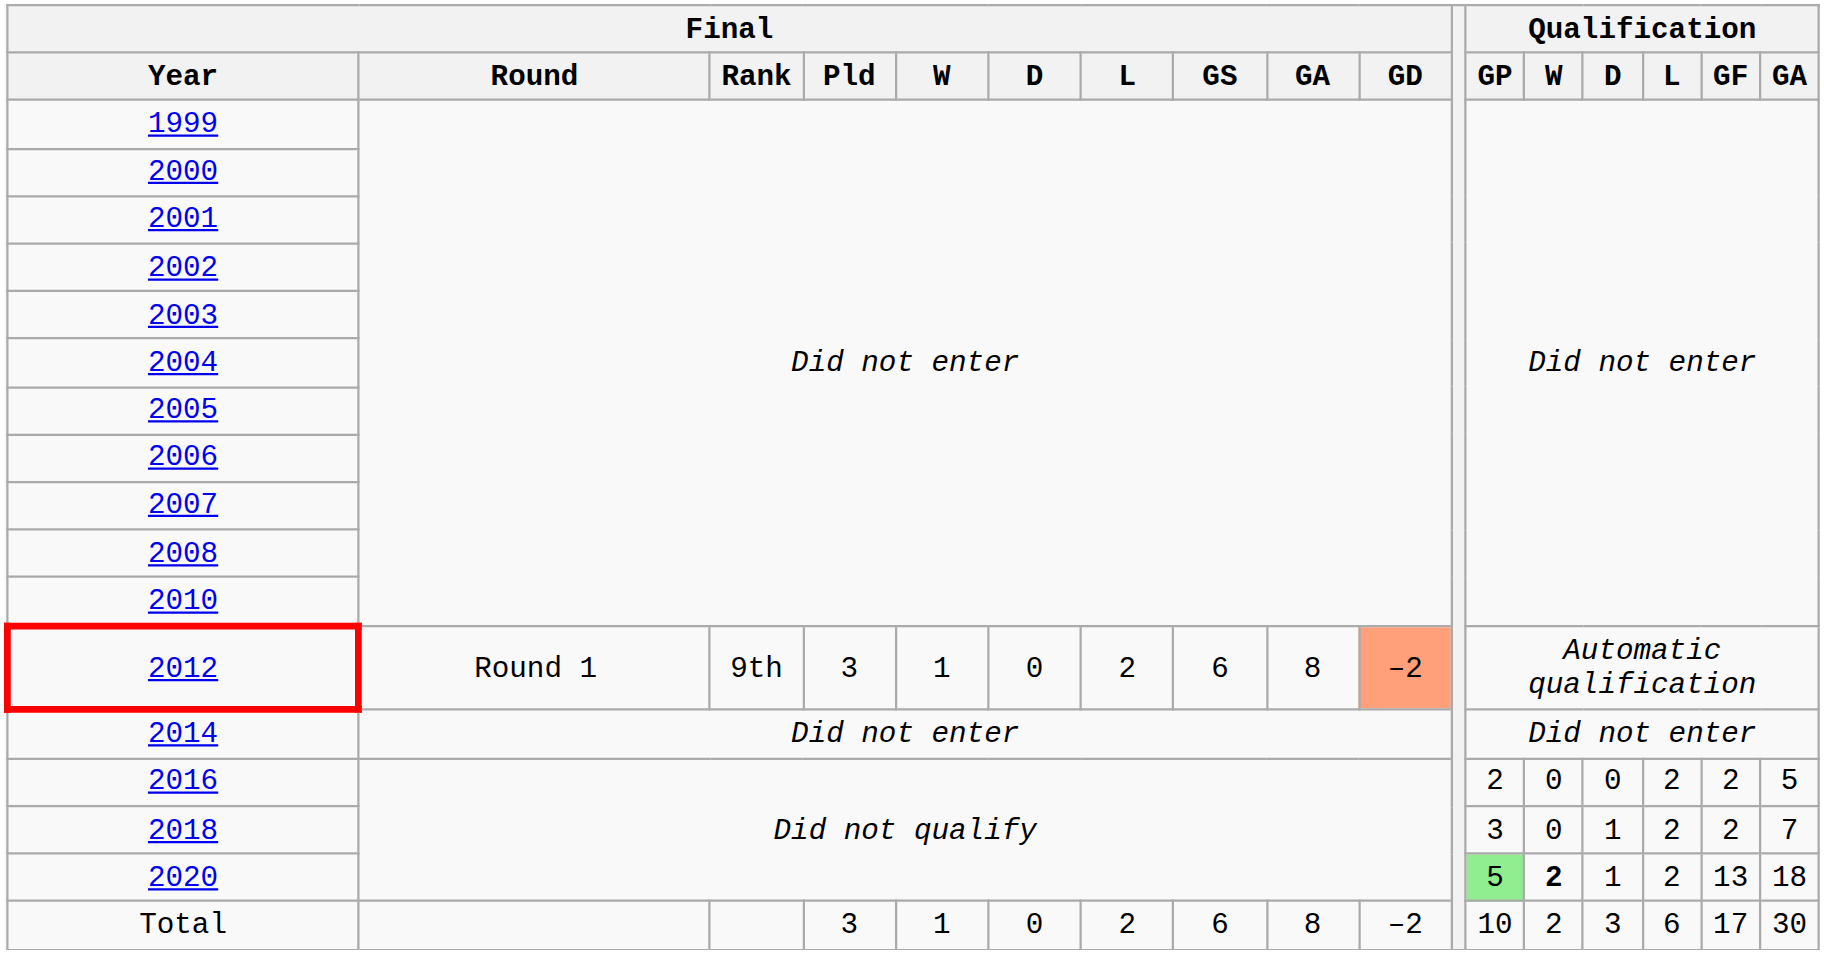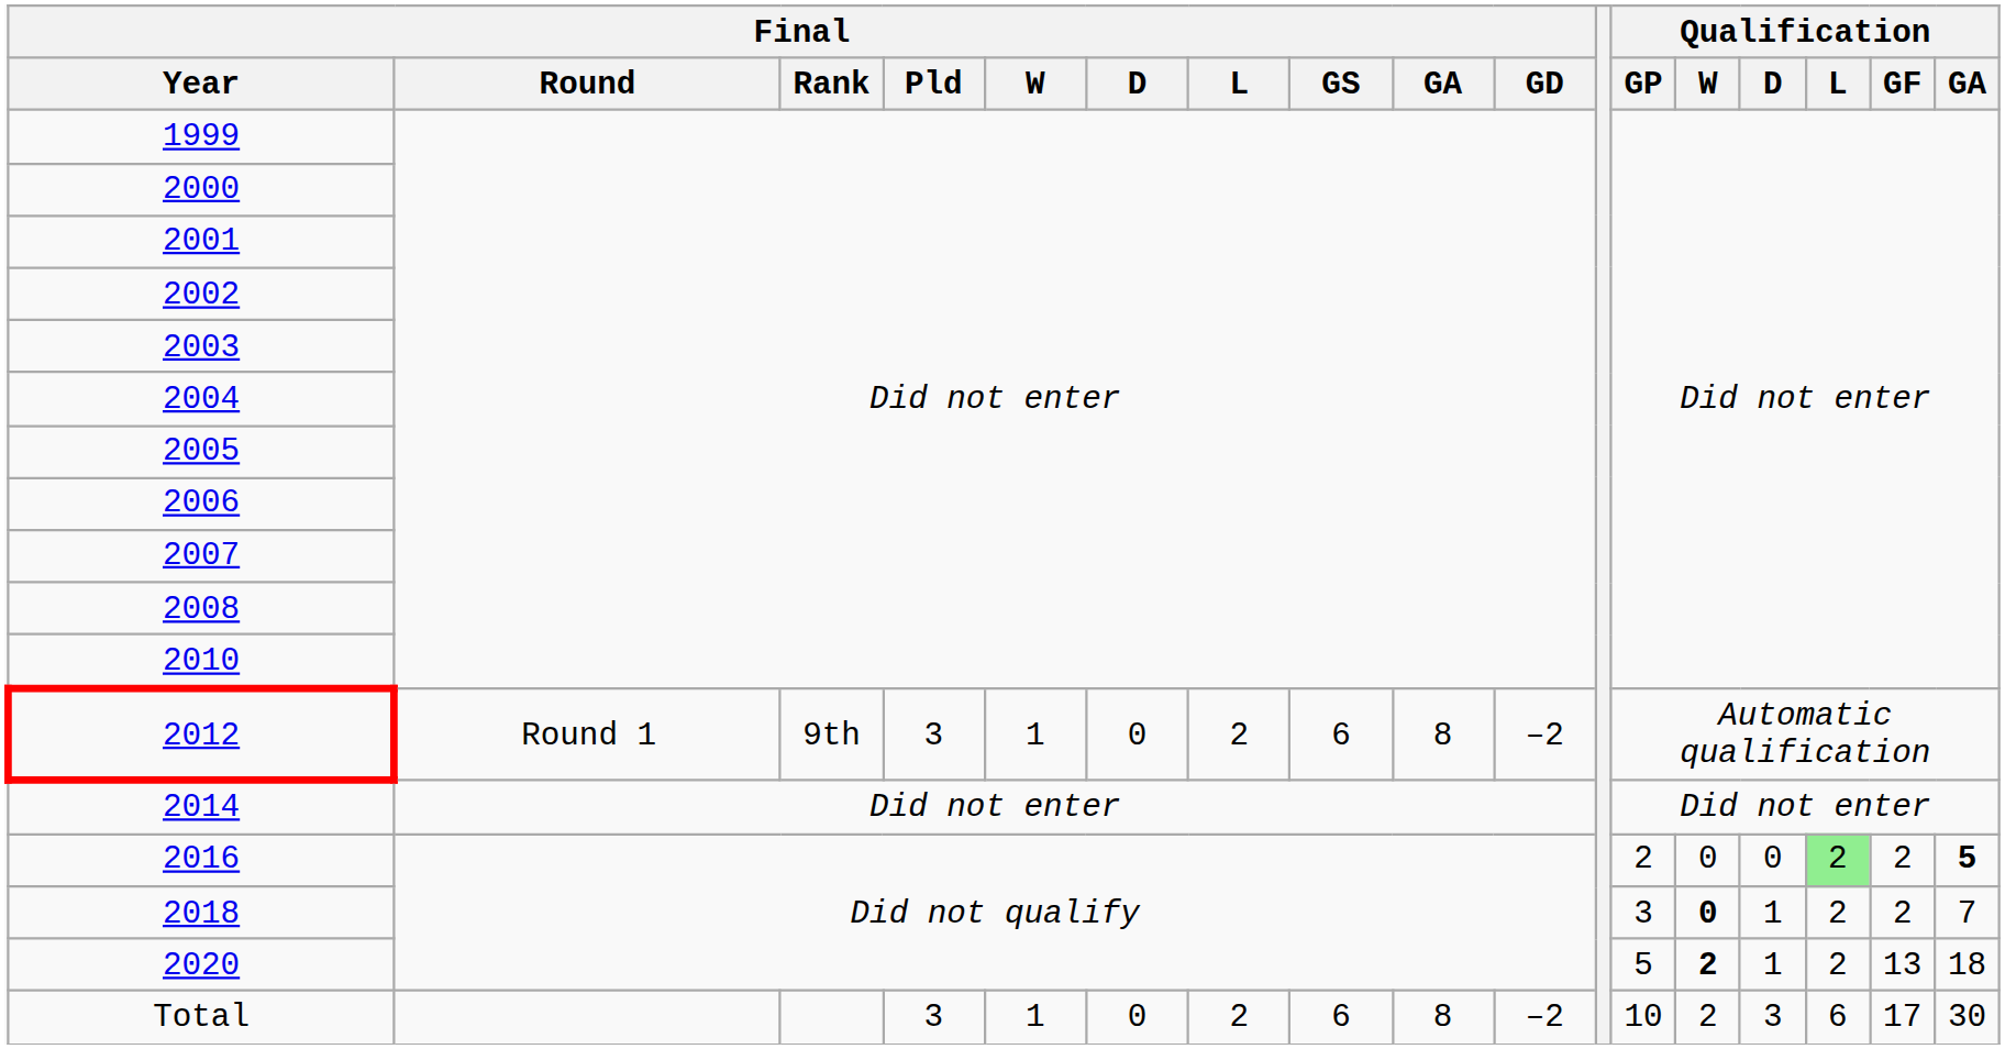 <table class="wikitable" style="text-align: center;">
 <tr>
 <th colspan="10">Final</th>
 <th style="width:1" rowspan="19"></th>
 <th colspan=6>Qualification</th>
 </tr>
 <tr>
 <th width=150>Year</th>
 <th width=150>Round</th>
 <th width=35>Rank</th>
 <th width=35>Pld</th>
 <th width=35>W</th>
 <th width=35>D</th>
 <th width=35>L</th>
 <th width=35>GS</th>
 <th width=35>GA</th>
 <th width=35>GD</th>
 <th width="20">GP</th>
 <th width="20">W</th>
 <th width="20">D</th>
 <th width="20">L</th>
 <th width="20">GF</th>
 <th width="20">GA</th>
 </tr>
 <tr>
 <td> <a href='#'>1999</a></td>
 <td rowspan=11 colspan=9><em>Did not enter</em></td>
 <td rowspan=11 colspan=6><em>Did not enter</em></td>
 </tr>
 <tr>
 <td> <a href='#'>2000</a></td>
 </tr>
 <tr>
 <td> <a href='#'>2001</a></td>
 </tr>
 <tr>
 <td> <a href='#'>2002</a></td>
 </tr>
 <tr>
 <td> <a href='#'>2003</a></td>
 </tr>
 <tr>
 <td> <a href='#'>2004</a></td>
 </tr>
 <tr>
 <td> <a href='#'>2005</a></td>
 </tr>
 <tr>
 <td> <a href='#'>2006</a></td>
 </tr>
 <tr>
 <td> <a href='#'>2007</a></td>
 </tr>
 <tr>
 <td> <a href='#'>2008</a></td>
 </tr>
 <tr>
 <td> <a href='#'>2010</a></td>
 </tr>
 <tr>
 <td style="border: 3px solid red"> <a href='#'>2012</a></td>
 <td>Round 1</td>
 <td>9th</td>
 <td>3</td>
 <td>1</td>
 <td>0</td>
 <td>2</td>
 <td>6</td>
 <td>8</td>
-<td style="background: lightsalmon;">–2</td>
+<td>–2</td>
 <td colspan=6><em>Automatic qualification</em></td>
 </tr>
 <tr>
 <td> <a href='#'>2014</a></td>
 <td rowspan=1 colspan=9><em>Did not enter</em></td>
 <td colspan=6><em>Did not enter</em></td>
 </tr>
 <tr>
 <td> <a href='#'>2016</a></td>
 <td rowspan=3 colspan=9><em>Did not qualify</em></td>
 <td>2</td>
 <td>0</td>
 <td>0</td>
+<td style="background: lightgreen;">2</td>
 <td>2</td>
-<td>2</td>
-<td>5</td>
+<td><strong>5</strong></td>
 </tr>
 <tr>
 <td> <a href='#'>2018</a></td>
 <td>3</td>
-<td>0</td>
+<td><strong>0</strong></td>
 <td>1</td>
 <td>2</td>
 <td>2</td>
 <td>7</td>
 </tr>
 <tr>
 <td> <a href='#'>2020</a></td>
-<td style="background: lightgreen;">5</td>
+<td>5</td>
 <td><strong>2</strong></td>
 <td>1</td>
 <td>2</td>
 <td>13</td>
 <td>18</td>
 </tr>
 <tr>
 <td>Total</td>
 <td></td>
 <td></td>
 <td>3</td>
 <td>1</td>
 <td>0</td>
 <td>2</td>
 <td>6</td>
 <td>8</td>
 <td>–2</td>
 <td>10</td>
 <td>2</td>
 <td>3</td>
 <td>6</td>
 <td>17</td>
 <td>30</td>
 </tr>
 </table>
